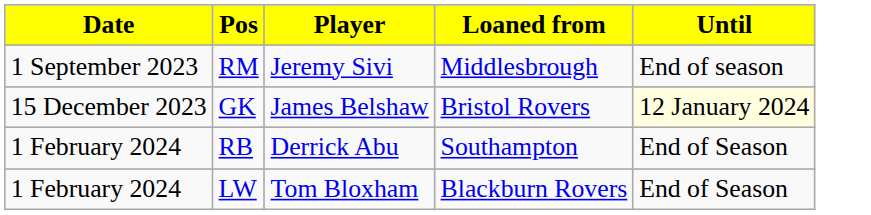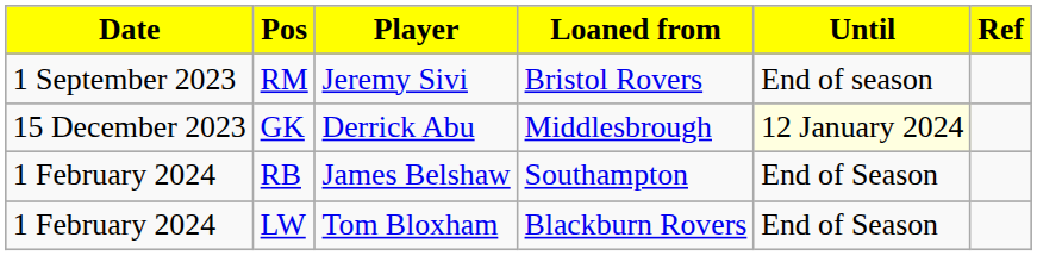 <table class="wikitable plainrowheaders sortable">
 <tr>
 <th style="background: yellow; color: black; ">Date</th>
 <th style="background: yellow; color: black; ">Pos</th>
 <th style="background: yellow; color: black; ">Player</th>
 <th style="background: yellow; color: black; ">Loaned from</th>
 <th style="background: yellow; color: black; ">Until</th>
+<th style="background: yellow; color: black; ">Ref</th>
 </tr>
 <tr>
 <td>1 September 2023</td>
 <td><a href='#'>RM</a></td>
 <td> <a href='#'>Jeremy Sivi</a></td>
-<td> <a href='#'>Middlesbrough</a></td>
+<td> <a href='#'>Bristol Rovers</a></td>
 <td>End of season</td>
+<td></td>
 </tr>
 <tr>
 <td>15 December 2023</td>
 <td><a href='#'>GK</a></td>
-<td> <a href='#'>James Belshaw</a></td>
-<td> <a href='#'>Bristol Rovers</a></td>
+<td> <a href='#'>Derrick Abu</a></td>
+<td> <a href='#'>Middlesbrough</a></td>
 <td style="background: lightyellow;">12 January 2024</td>
+<td></td>
 </tr>
 <tr>
 <td>1 February 2024</td>
 <td><a href='#'>RB</a></td>
-<td> <a href='#'>Derrick Abu</a></td>
+<td> <a href='#'>James Belshaw</a></td>
 <td> <a href='#'>Southampton</a></td>
 <td>End of Season</td>
+<td></td>
 </tr>
 <tr>
 <td>1 February 2024</td>
 <td><a href='#'>LW</a></td>
 <td> <a href='#'>Tom Bloxham</a></td>
 <td> <a href='#'>Blackburn Rovers</a></td>
 <td>End of Season</td>
+<td></td>
 </tr>
 </table>
